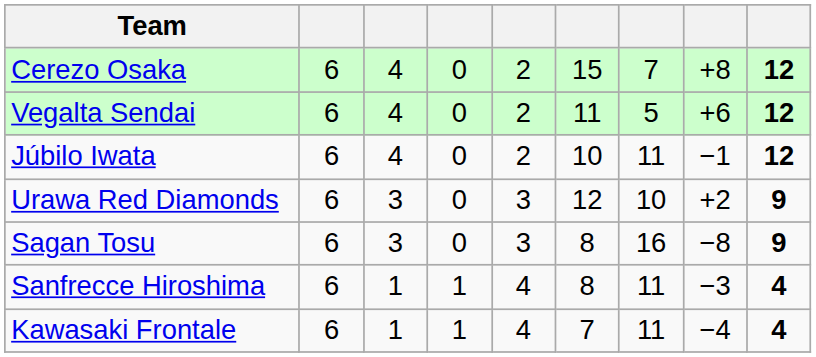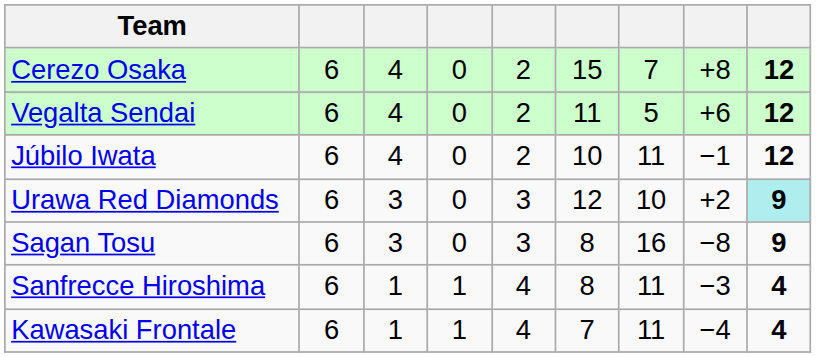 <table class="wikitable" style="text-align:center;">
 <tr>
 <th width=165>Team</th>
 <th width=30></th>
 <th width=30></th>
 <th width=30></th>
 <th width=30></th>
 <th width=30></th>
 <th width=30></th>
 <th width=30></th>
 <th width=30></th>
 </tr>
 <tr bgcolor="#ccffcc">
 <td align=left><a href='#'>Cerezo Osaka</a></td>
 <td>6</td>
 <td>4</td>
 <td>0</td>
 <td>2</td>
 <td>15</td>
 <td>7</td>
 <td>+8</td>
 <td><strong>12</strong></td>
 </tr>
 <tr bgcolor="#ccffcc">
 <td align=left><a href='#'>Vegalta Sendai</a></td>
 <td>6</td>
 <td>4</td>
 <td>0</td>
 <td>2</td>
 <td>11</td>
 <td>5</td>
 <td>+6</td>
 <td><strong>12</strong></td>
 </tr>
 <tr>
 <td align=left><a href='#'>Júbilo Iwata</a></td>
 <td>6</td>
 <td>4</td>
 <td>0</td>
 <td>2</td>
 <td>10</td>
 <td>11</td>
 <td>−1</td>
 <td><strong>12</strong></td>
 </tr>
 <tr>
 <td align=left><a href='#'>Urawa Red Diamonds</a></td>
 <td>6</td>
 <td>3</td>
 <td>0</td>
 <td>3</td>
 <td>12</td>
 <td>10</td>
 <td>+2</td>
-<td><strong>9</strong></td>
+<td style="background: paleturquoise;"><strong>9</strong></td>
 </tr>
 <tr>
 <td align=left><a href='#'>Sagan Tosu</a></td>
 <td>6</td>
 <td>3</td>
 <td>0</td>
 <td>3</td>
 <td>8</td>
 <td>16</td>
 <td>−8</td>
 <td><strong>9</strong></td>
 </tr>
 <tr>
 <td align=left><a href='#'>Sanfrecce Hiroshima</a></td>
 <td>6</td>
 <td>1</td>
 <td>1</td>
 <td>4</td>
 <td>8</td>
 <td>11</td>
 <td>−3</td>
 <td><strong>4</strong></td>
 </tr>
 <tr>
 <td align=left><a href='#'>Kawasaki Frontale</a></td>
 <td>6</td>
 <td>1</td>
 <td>1</td>
 <td>4</td>
 <td>7</td>
 <td>11</td>
 <td>−4</td>
 <td><strong>4</strong></td>
 </tr>
 </table>
